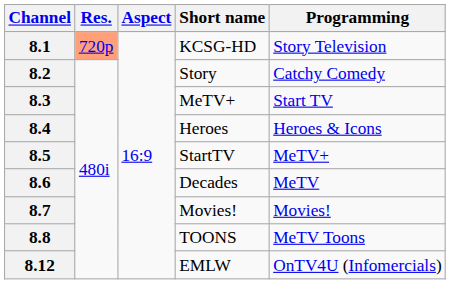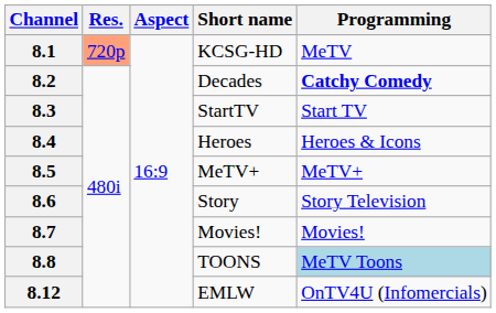 <table class="wikitable">
 <tr>
 <th scope = "col"><a href='#'>Channel</a></th>
 <th scope = "col"><a href='#'>Res.</a></th>
 <th scope = "col"><a href='#'>Aspect</a></th>
 <th scope = "col">Short name</th>
 <th scope = "col">Programming</th>
 </tr>
 <tr>
 <th scope = "row">8.1</th>
 <td style="background: lightsalmon;"><a href='#'>720p</a></td>
 <td rowspan=9><a href='#'>16:9</a></td>
 <td>KCSG-HD</td>
-<td><a href='#'>Story Television</a></td>
+<td><a href='#'>MeTV</a></td>
 </tr>
 <tr>
 <th scope = "row">8.2</th>
 <td rowspan=8><a href='#'>480i</a></td>
-<td>Story</td>
-<td><a href='#'>Catchy Comedy</a></td>
+<td>Decades</td>
+<td><strong><a href='#'>Catchy Comedy</a></strong></td>
 </tr>
 <tr>
 <th scope = "row">8.3</th>
-<td>MeTV+</td>
+<td>StartTV</td>
 <td><a href='#'>Start TV</a></td>
 </tr>
 <tr>
 <th scope = "row">8.4</th>
 <td>Heroes</td>
 <td><a href='#'>Heroes & Icons</a></td>
 </tr>
 <tr>
 <th scope = "row">8.5</th>
-<td>StartTV</td>
+<td>MeTV+</td>
 <td><a href='#'>MeTV+</a></td>
 </tr>
 <tr>
 <th scope = "row">8.6</th>
-<td>Decades</td>
-<td><a href='#'>MeTV</a></td>
+<td>Story</td>
+<td><a href='#'>Story Television</a></td>
 </tr>
 <tr>
 <th scope = "row">8.7</th>
 <td>Movies!</td>
 <td><a href='#'>Movies!</a></td>
 </tr>
 <tr>
 <th scope = "row">8.8</th>
 <td>TOONS</td>
-<td><a href='#'>MeTV Toons</a></td>
+<td style="background: lightblue;"><a href='#'>MeTV Toons</a></td>
 </tr>
 <tr>
 <th scope = "row">8.12</th>
 <td>EMLW</td>
 <td><a href='#'>OnTV4U</a> (<a href='#'>Infomercials</a>)</td>
 </tr>
 </table>
